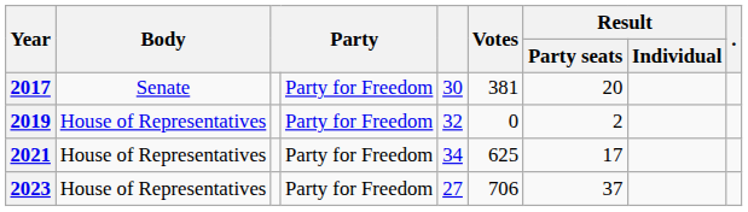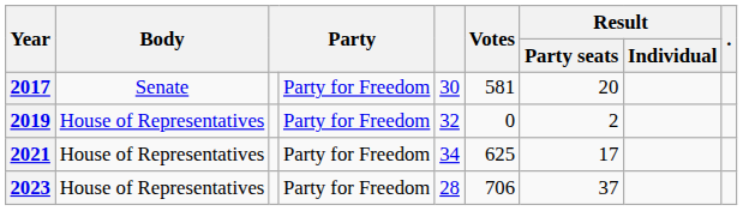 <table class="wikitable plainrowheaders sortable" border=2 cellpadding=4 cellspacing=0 style="border: 1px #aaa solid; font-size: 90%; text-align:center;">
 <tr>
 <th scope="col" rowspan=2>Year</th>
 <th scope="col" rowspan=2>Body</th>
 <th scope="col" colspan=2 rowspan=2>Party</th>
 <th scope="col" rowspan=2></th>
 <th scope="col" rowspan=2>Votes</th>
 <th scope="colgroup" colspan=2>Result</th>
 <th scope="col" rowspan=2 class="unsortable">.</th>
 </tr>
 <tr>
 <th scope="col">Party seats</th>
 <th scope="col">Individual</th>
 </tr>
 <tr>
 <th scope="row"><a href='#'>2017</a></th>
 <td><a href='#'>Senate</a></td>
 <td style="background-color:"></td>
 <td><a href='#'>Party for Freedom</a></td>
 <td style=text-align:right><a href='#'>30</a></td>
-<td style=text-align:right>381</td>
+<td style=text-align:right>581</td>
 <td style=text-align:right>20</td>
 <td></td>
 <td></td>
 </tr>
 <tr>
 <th scope="row"><a href='#'>2019</a></th>
 <td><a href='#'>House of Representatives</a></td>
 <td style="background-color:"></td>
 <td><a href='#'>Party for Freedom</a></td>
 <td style=text-align:right><a href='#'>32</a></td>
 <td style=text-align:right>0</td>
 <td style=text-align:right>2</td>
 <td></td>
 <td></td>
 </tr>
 <tr>
 <th scope="row"><a href='#'>2021</a></th>
 <td>House of Representatives</td>
 <td style="background-color:"></td>
 <td>Party for Freedom</td>
 <td style=text-align:right><a href='#'>34</a></td>
 <td style=text-align:right>625</td>
 <td style=text-align:right>17</td>
 <td></td>
 <td></td>
 </tr>
 <tr>
 <th scope="row"><a href='#'>2023</a></th>
 <td>House of Representatives</td>
 <td style="background-color:"></td>
 <td>Party for Freedom</td>
-<td style=text-align:right><a href='#'>27</a></td>
+<td style=text-align:right><a href='#'>28</a></td>
 <td style=text-align:right>706</td>
 <td style=text-align:right>37</td>
 <td></td>
 <td></td>
 </tr>
 </table>
